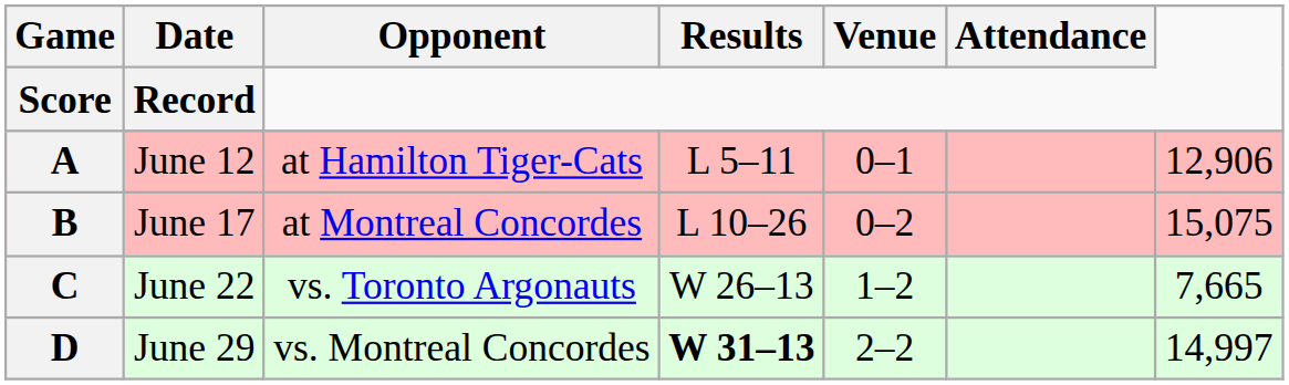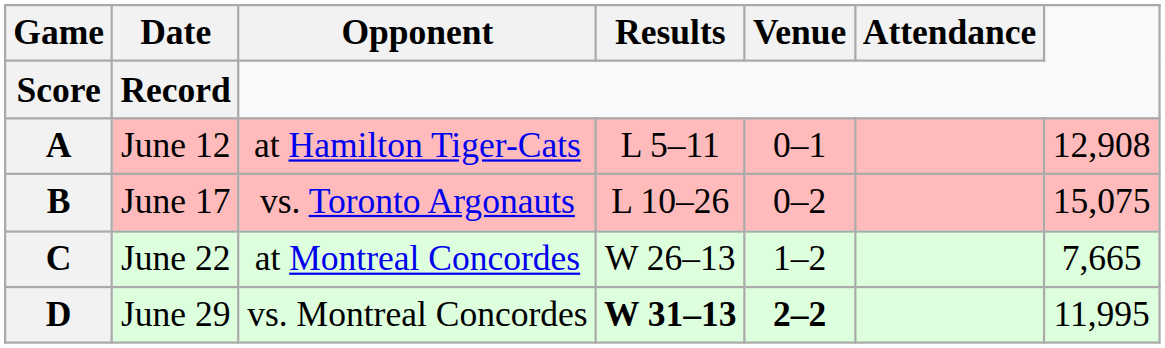 <table class="wikitable" style="text-align:center">
 <tr>
 <th>Game</th>
 <th>Date</th>
 <th>Opponent</th>
 <th>Results</th>
 <th>Venue</th>
 <th>Attendance</th>
 </tr>
 <tr>
 <th>Score</th>
 <th>Record</th>
 </tr>
 <tr style="background:#ffbbbb">
 <th>A</th>
 <td>June 12</td>
 <td>at <a href='#'>Hamilton Tiger-Cats</a></td>
 <td>L 5–11</td>
 <td>0–1</td>
 <td></td>
-<td>12,906</td>
+<td>12,908</td>
 </tr>
 <tr style="background:#ffbbbb">
 <th>B</th>
 <td>June 17</td>
-<td>at <a href='#'>Montreal Concordes</a></td>
+<td>vs. <a href='#'>Toronto Argonauts</a></td>
 <td>L 10–26</td>
 <td>0–2</td>
 <td></td>
 <td>15,075</td>
 </tr>
 <tr style="background:#ddffdd">
 <th>C</th>
 <td>June 22</td>
-<td>vs. <a href='#'>Toronto Argonauts</a></td>
+<td>at <a href='#'>Montreal Concordes</a></td>
 <td>W 26–13</td>
 <td>1–2</td>
 <td></td>
 <td>7,665</td>
 </tr>
 <tr style="background:#ddffdd">
 <th>D</th>
 <td>June 29</td>
 <td>vs. Montreal Concordes</td>
 <td><strong>W 31–13</strong></td>
-<td>2–2</td>
+<td><strong>2–2</strong></td>
 <td></td>
-<td>14,997</td>
+<td>11,995</td>
 </tr>
 </table>
